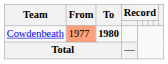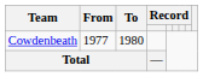 <table class="wikitable" style="text-align: center">
 <tr>
 <th rowspan="2">Team</th>
 <th rowspan="2">From</th>
 <th rowspan="2">To</th>
 <th colspan="5">Record</th>
 <th rowspan="2"></th>
 </tr>
 <tr>
 <th></th>
 <th></th>
 <th></th>
 <th></th>
 <th></th>
 </tr>
 <tr>
 <td align="left"><a href='#'>Cowdenbeath</a></td>
-<td align="left" style="background: lightsalmon;">1977</td>
-<td align="left"><strong>1980<br></strong></td>
+<td align="left">1977</td>
+<td align="left">1980<br></td>
 <td></td>
 </tr>
 <tr>
 <th colspan="3">Total<br></th>
 <th>—</th>
 </tr>
 </table>
